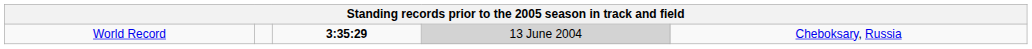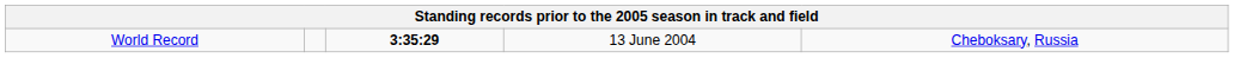 <table class="wikitable" style=" text-align:center; font-size:110%;" width="95%">
 <tr>
 <th colspan="5">Standing records prior to the 2005 season in track and field</th>
 </tr>
 <tr>
 <td><a href='#'>World Record</a></td>
 <td></td>
 <td><strong>3:35:29</strong></td>
-<td style="background: lightgrey;">13 June 2004</td>
+<td>13 June 2004</td>
 <td> <a href='#'>Cheboksary</a>, <a href='#'>Russia</a></td>
 </tr>
 </table>
